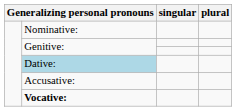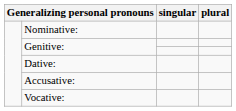 <table class="wikitable">
 <tr>
 <th colspan="2"><strong>Generalizing personal pronouns</strong></th>
 <th>singular</th>
 <th>plural</th>
 </tr>
 <tr>
 <td rowspan="6" style="width:5en"> </td>
 <td>Nominative:</td>
 <td><em></em></td>
 <td><em></em></td>
 </tr>
 <tr>
 <td rowspan="2">Genitive:</td>
 <td><em></em></td>
 <td><em></em></td>
 </tr>
 <tr>
 <td><em></em></td>
 <td><em></em></td>
 </tr>
 <tr>
-<td style="background: lightblue;">Dative:</td>
+<td>Dative:</td>
 <td><em></em></td>
 <td><em></em></td>
 </tr>
 <tr>
 <td>Accusative:</td>
 <td><em></em></td>
 <td><em></em></td>
 </tr>
 <tr>
-<td><strong>Vocative:</strong></td>
+<td>Vocative:</td>
 <td><em></em></td>
 <td><em></em></td>
 </tr>
 </table>
